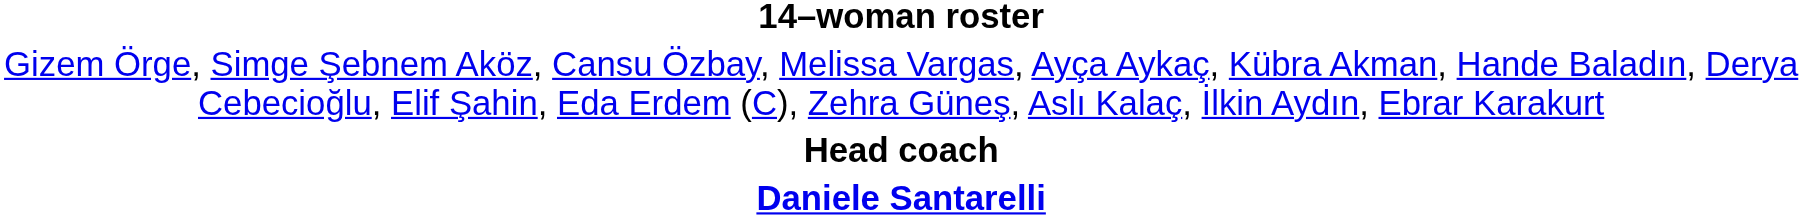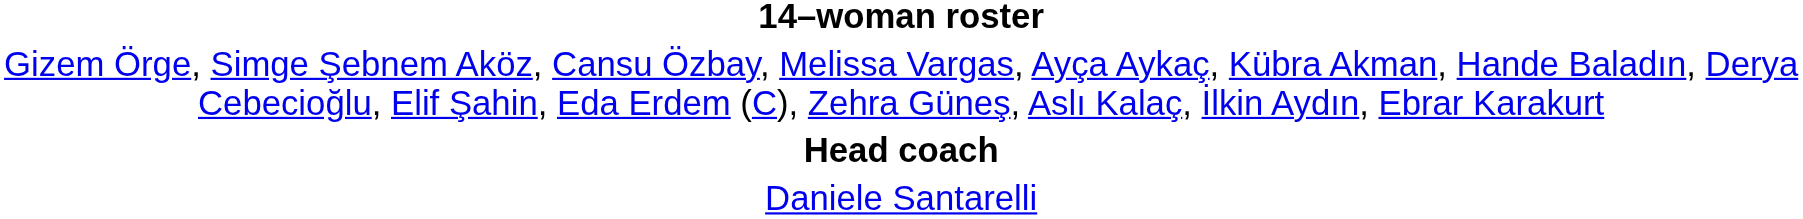 <table style="text-align:center;margin-top:2em;margin-left:auto;margin-right:auto">
 <tr>
 <td><strong>14–woman roster</strong></td>
 </tr>
 <tr>
 <td><a href='#'>Gizem Örge</a>, <a href='#'>Simge Şebnem Aköz</a>, <a href='#'>Cansu Özbay</a>, <a href='#'>Melissa Vargas</a>, <a href='#'>Ayça Aykaç</a>, <a href='#'>Kübra Akman</a>, <a href='#'>Hande Baladın</a>, <a href='#'>Derya Cebecioğlu</a>, <a href='#'>Elif Şahin</a>, <a href='#'>Eda Erdem</a> (<a href='#'>C</a>), <a href='#'>Zehra Güneş</a>, <a href='#'>Aslı Kalaç</a>, <a href='#'>İlkin Aydın</a>, <a href='#'>Ebrar Karakurt</a></td>
 </tr>
 <tr>
 <td><strong>Head coach</strong></td>
 </tr>
 <tr>
-<td><strong> <a href='#'>Daniele Santarelli</a></strong></td>
+<td> <a href='#'>Daniele Santarelli</a></td>
 </tr>
 </table>
